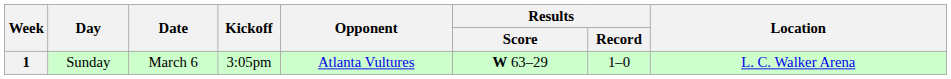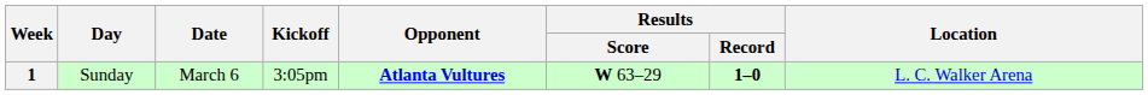 <table class="wikitable">
 <tr>
 <th rowspan="2" width="40">Week</th>
 <th rowspan="2" width="80">Day</th>
 <th rowspan="2" width="90">Date</th>
 <th rowspan="2" width="60">Kickoff</th>
 <th rowspan="2" width="180">Opponent</th>
 <th colspan="2" width="200">Results</th>
 <th rowspan="2" width="315">Location</th>
 </tr>
 <tr>
 <th width="140">Score</th>
 <th width="60">Record</th>
 </tr>
 <tr align="center" bgcolor="#CCFFCC">
 <th>1</th>
 <td>Sunday</td>
 <td>March 6</td>
 <td>3:05pm</td>
-<td><a href='#'>Atlanta Vultures</a></td>
+<td><strong><a href='#'>Atlanta Vultures</a></strong></td>
 <td><strong>W</strong> 63–29</td>
-<td>1–0</td>
+<td><strong>1–0</strong></td>
 <td><a href='#'>L. C. Walker Arena</a></td>
 </tr>
 </table>
